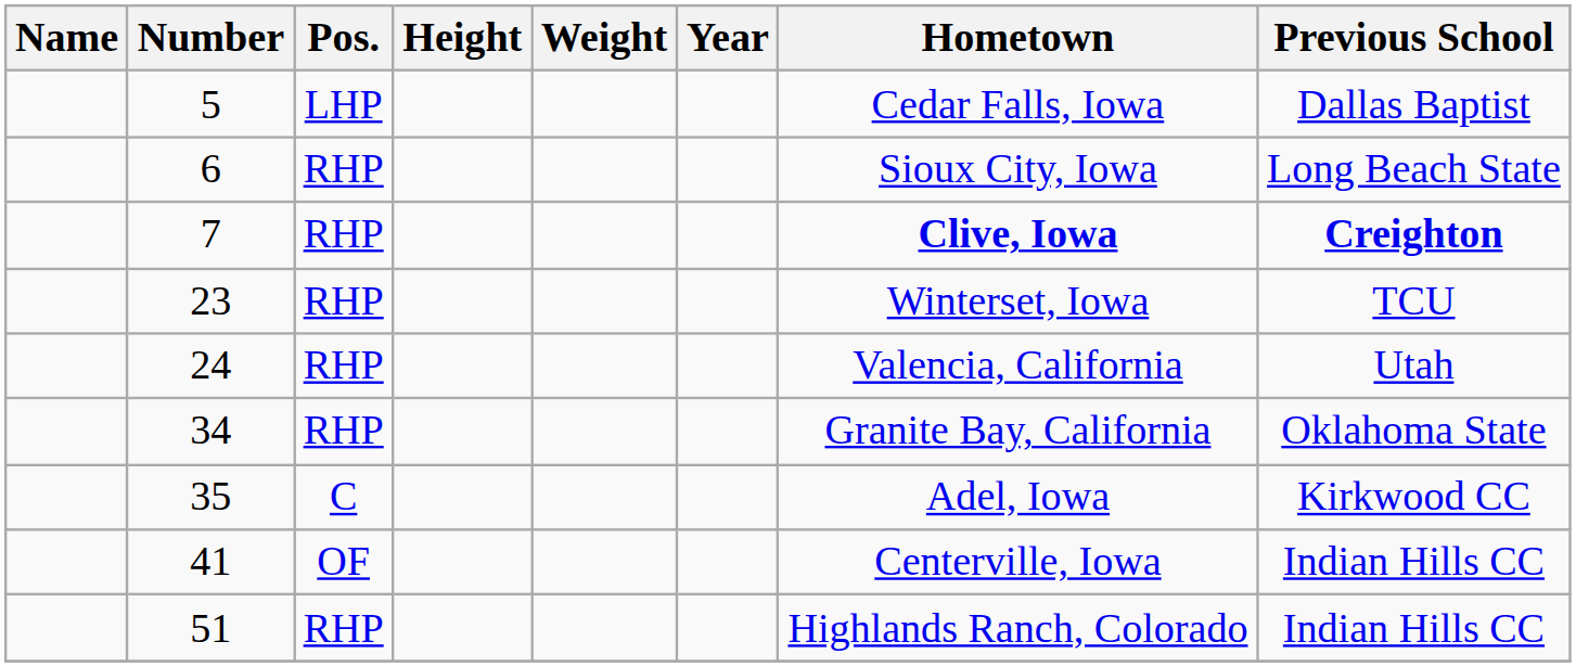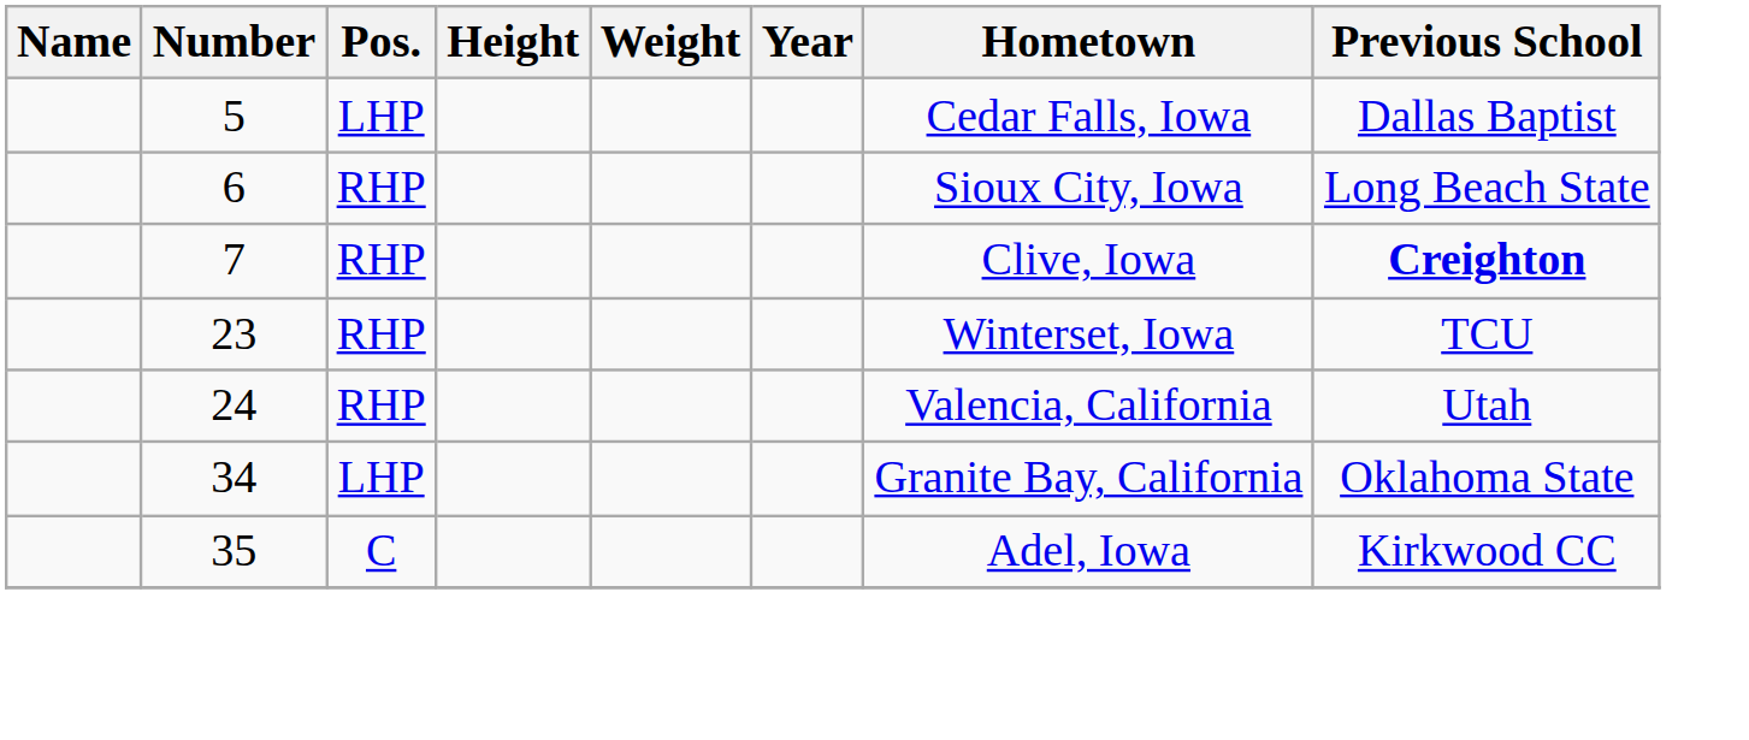 <table class="wikitable sortable sortable" style="text-align: center">
 <tr align=center>
 <th>Name</th>
 <th>Number</th>
 <th>Pos.</th>
 <th>Height</th>
 <th>Weight</th>
 <th>Year</th>
 <th>Hometown</th>
 <th>Previous School</th>
 </tr>
 <tr>
 <td></td>
 <td>5</td>
 <td><a href='#'>LHP</a></td>
 <td></td>
 <td></td>
 <td></td>
 <td><a href='#'>Cedar Falls, Iowa</a></td>
 <td><a href='#'>Dallas Baptist</a></td>
 </tr>
 <tr>
 <td></td>
 <td>6</td>
 <td><a href='#'>RHP</a></td>
 <td></td>
 <td></td>
 <td></td>
 <td><a href='#'>Sioux City, Iowa</a></td>
 <td><a href='#'>Long Beach State</a></td>
 </tr>
 <tr>
 <td></td>
 <td>7</td>
 <td><a href='#'>RHP</a></td>
 <td></td>
 <td></td>
 <td></td>
-<td><strong><a href='#'>Clive, Iowa</a></strong></td>
+<td><a href='#'>Clive, Iowa</a></td>
 <td><strong><a href='#'>Creighton</a></strong></td>
 </tr>
 <tr>
 <td></td>
 <td>23</td>
 <td><a href='#'>RHP</a></td>
 <td></td>
 <td></td>
 <td></td>
 <td><a href='#'>Winterset, Iowa</a></td>
 <td><a href='#'>TCU</a></td>
 </tr>
 <tr>
 <td></td>
 <td>24</td>
 <td><a href='#'>RHP</a></td>
 <td></td>
 <td></td>
 <td></td>
 <td><a href='#'>Valencia, California</a></td>
 <td><a href='#'>Utah</a></td>
 </tr>
 <tr>
 <td></td>
 <td>34</td>
-<td><a href='#'>RHP</a></td>
+<td><a href='#'>LHP</a></td>
 <td></td>
 <td></td>
 <td></td>
 <td><a href='#'>Granite Bay, California</a></td>
 <td><a href='#'>Oklahoma State</a></td>
 </tr>
 <tr>
 <td></td>
 <td>35</td>
 <td><a href='#'>C</a></td>
 <td></td>
 <td></td>
 <td></td>
 <td><a href='#'>Adel, Iowa</a></td>
 <td><a href='#'>Kirkwood CC</a></td>
 </tr>
 <tr>
-<td></td>
-<td>41</td>
-<td><a href='#'>OF</a></td>
-<td></td>
-<td></td>
-<td></td>
-<td><a href='#'>Centerville, Iowa</a></td>
-<td><a href='#'>Indian Hills CC</a></td>
-</tr>
-<tr>
-<td></td>
-<td>51</td>
-<td><a href='#'>RHP</a></td>
-<td></td>
-<td></td>
-<td></td>
-<td><a href='#'>Highlands Ranch, Colorado</a></td>
-<td><a href='#'>Indian Hills CC</a></td>
-</tr>
-<tr>
 </tr>
 </table>
